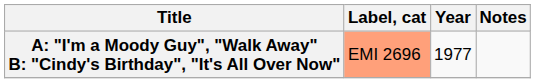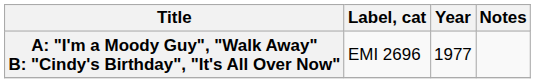 <table class="wikitable plainrowheaders sortable">
 <tr>
 <th scope="col">Title</th>
 <th scope="col">Label, cat</th>
 <th scope="col">Year</th>
 <th scope="col" class="unsortable">Notes</th>
 </tr>
 <tr>
 <th scope="row"><strong>A</strong>: "I'm a Moody Guy", "Walk Away"<br><strong>B</strong>: "Cindy's Birthday", "It's All Over Now"</th>
-<td style="background: lightsalmon;">EMI 2696</td>
+<td>EMI 2696</td>
 <td>1977</td>
 <td></td>
 </tr>
 <tr>
 </tr>
 </table>
